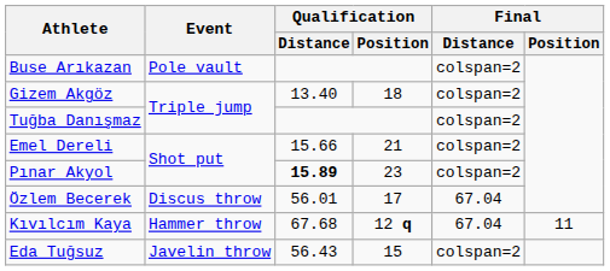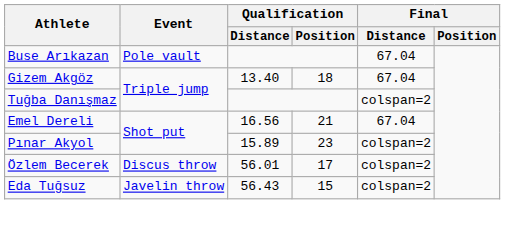 <table class="wikitable" style="font-size:90%">
 <tr>
 <th rowspan="2">Athlete</th>
 <th rowspan="2">Event</th>
 <th colspan="2">Qualification</th>
 <th colspan="2">Final</th>
 </tr>
 <tr style="font-size:95%">
 <th>Distance</th>
 <th>Position</th>
 <th>Distance</th>
 <th>Position</th>
 </tr>
 <tr align="center">
 <td align="left"><a href='#'>Buse Arıkazan</a></td>
 <td align="left"><a href='#'>Pole vault</a></td>
 <td colspan=2></td>
-<td>colspan=2 </td>
+<td>67.04</td>
 </tr>
 <tr align="center">
 <td align="left"><a href='#'>Gizem Akgöz</a></td>
 <td align="left" rowspan="2"><a href='#'>Triple jump</a></td>
 <td>13.40</td>
 <td>18</td>
-<td>colspan=2 </td>
+<td>67.04</td>
 </tr>
 <tr align="center">
 <td align="left"><a href='#'>Tuğba Danışmaz</a></td>
 <td colspan=2></td>
 <td>colspan=2 </td>
 </tr>
 <tr align="center">
 <td align="left"><a href='#'>Emel Dereli</a></td>
 <td align="left" rowspan="2"><a href='#'>Shot put</a></td>
-<td>15.66</td>
+<td>16.56</td>
 <td>21</td>
-<td>colspan=2 </td>
+<td>67.04</td>
 </tr>
 <tr align="center">
 <td align="left"><a href='#'>Pınar Akyol</a></td>
-<td><strong>15.89</strong></td>
+<td>15.89</td>
 <td>23</td>
 <td>colspan=2 </td>
 </tr>
 <tr align="center">
 <td align="left"><a href='#'>Özlem Becerek</a></td>
 <td align="left"><a href='#'>Discus throw</a></td>
 <td>56.01</td>
 <td>17</td>
-<td>67.04</td>
-</tr>
-<tr align="center">
-<td align="left"><a href='#'>Kıvılcım Kaya</a></td>
-<td align="left"><a href='#'>Hammer throw</a></td>
-<td>67.68</td>
-<td>12 <strong>q</strong></td>
-<td>67.04</td>
-<td>11</td>
+<td>colspan=2 </td>
 </tr>
 <tr align="center">
 <td align="left"><a href='#'>Eda Tuğsuz</a></td>
 <td align="left"><a href='#'>Javelin throw</a></td>
 <td>56.43</td>
 <td>15</td>
 <td>colspan=2 </td>
 </tr>
 </table>
